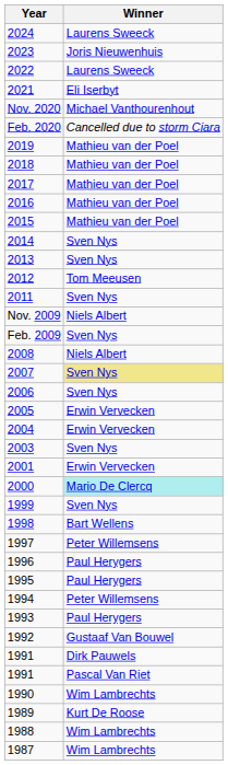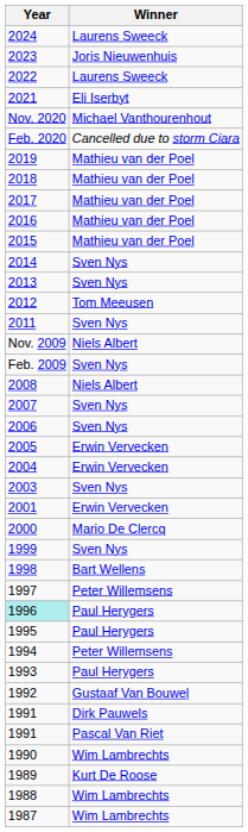 <table class="wikitable">
 <tr>
 <th>Year</th>
 <th>Winner</th>
 </tr>
 <tr>
 <td><a href='#'>2024</a></td>
 <td> <a href='#'>Laurens Sweeck</a></td>
 </tr>
 <tr>
 <td><a href='#'>2023</a></td>
 <td> <a href='#'>Joris Nieuwenhuis</a></td>
 </tr>
 <tr>
 <td><a href='#'>2022</a></td>
 <td> <a href='#'>Laurens Sweeck</a></td>
 </tr>
 <tr>
 <td><a href='#'>2021</a></td>
 <td> <a href='#'>Eli Iserbyt</a></td>
 </tr>
 <tr>
 <td><a href='#'>Nov. 2020</a></td>
 <td> <a href='#'>Michael Vanthourenhout</a></td>
 </tr>
 <tr>
 <td><a href='#'>Feb. 2020</a></td>
 <td colspan=2 align=center><em>Cancelled due to <a href='#'>storm Ciara</a></em></td>
 </tr>
 <tr>
 <td><a href='#'>2019</a></td>
 <td> <a href='#'>Mathieu van der Poel</a></td>
 </tr>
 <tr>
 <td><a href='#'>2018</a></td>
 <td> <a href='#'>Mathieu van der Poel</a></td>
 </tr>
 <tr>
 <td><a href='#'>2017</a></td>
 <td> <a href='#'>Mathieu van der Poel</a></td>
 </tr>
 <tr>
 <td><a href='#'>2016</a></td>
 <td> <a href='#'>Mathieu van der Poel</a></td>
 </tr>
 <tr>
 <td><a href='#'>2015</a></td>
 <td> <a href='#'>Mathieu van der Poel</a></td>
 </tr>
 <tr>
 <td><a href='#'>2014</a></td>
 <td> <a href='#'>Sven Nys</a></td>
 </tr>
 <tr>
 <td><a href='#'>2013</a></td>
 <td> <a href='#'>Sven Nys</a></td>
 </tr>
 <tr>
 <td><a href='#'>2012</a></td>
 <td> <a href='#'>Tom Meeusen</a></td>
 </tr>
 <tr>
 <td><a href='#'>2011</a></td>
 <td> <a href='#'>Sven Nys</a></td>
 </tr>
 <tr>
 <td>Nov. <a href='#'>2009</a></td>
 <td> <a href='#'>Niels Albert</a></td>
 </tr>
 <tr>
 <td>Feb. <a href='#'>2009</a></td>
 <td> <a href='#'>Sven Nys</a></td>
 </tr>
 <tr>
 <td><a href='#'>2008</a></td>
 <td> <a href='#'>Niels Albert</a></td>
 </tr>
 <tr>
 <td><a href='#'>2007</a></td>
-<td style="background: khaki;"> <a href='#'>Sven Nys</a></td>
+<td> <a href='#'>Sven Nys</a></td>
 </tr>
 <tr>
 <td><a href='#'>2006</a></td>
 <td> <a href='#'>Sven Nys</a></td>
 </tr>
 <tr>
 <td><a href='#'>2005</a></td>
 <td> <a href='#'>Erwin Vervecken</a></td>
 </tr>
 <tr>
 <td><a href='#'>2004</a></td>
 <td> <a href='#'>Erwin Vervecken</a></td>
 </tr>
 <tr>
 <td><a href='#'>2003</a></td>
 <td> <a href='#'>Sven Nys</a></td>
 </tr>
 <tr>
 <td><a href='#'>2001</a></td>
 <td> <a href='#'>Erwin Vervecken</a></td>
 </tr>
 <tr>
 <td><a href='#'>2000</a></td>
-<td style="background: paleturquoise;"> <a href='#'>Mario De Clercq</a></td>
+<td> <a href='#'>Mario De Clercq</a></td>
 </tr>
 <tr>
 <td><a href='#'>1999</a></td>
 <td> <a href='#'>Sven Nys</a></td>
 </tr>
 <tr>
 <td><a href='#'>1998</a></td>
 <td> <a href='#'>Bart Wellens</a></td>
 </tr>
 <tr>
 <td>1997</td>
 <td> <a href='#'>Peter Willemsens</a></td>
 </tr>
 <tr>
-<td>1996</td>
+<td style="background: paleturquoise;">1996</td>
 <td> <a href='#'>Paul Herygers</a></td>
 </tr>
 <tr>
 <td>1995</td>
 <td> <a href='#'>Paul Herygers</a></td>
 </tr>
 <tr>
 <td>1994</td>
 <td> <a href='#'>Peter Willemsens</a></td>
 </tr>
 <tr>
 <td>1993</td>
 <td> <a href='#'>Paul Herygers</a></td>
 </tr>
 <tr>
 <td>1992</td>
 <td> <a href='#'>Gustaaf Van Bouwel</a></td>
 </tr>
 <tr>
 <td>1991</td>
 <td> <a href='#'>Dirk Pauwels</a></td>
 </tr>
 <tr>
 <td>1991</td>
 <td> <a href='#'>Pascal Van Riet</a></td>
 </tr>
 <tr>
 <td>1990</td>
 <td> <a href='#'>Wim Lambrechts</a></td>
 </tr>
 <tr>
 <td>1989</td>
 <td> <a href='#'>Kurt De Roose</a></td>
 </tr>
 <tr>
 <td>1988</td>
 <td> <a href='#'>Wim Lambrechts</a></td>
 </tr>
 <tr>
 <td>1987</td>
 <td> <a href='#'>Wim Lambrechts</a></td>
 </tr>
 </table>
